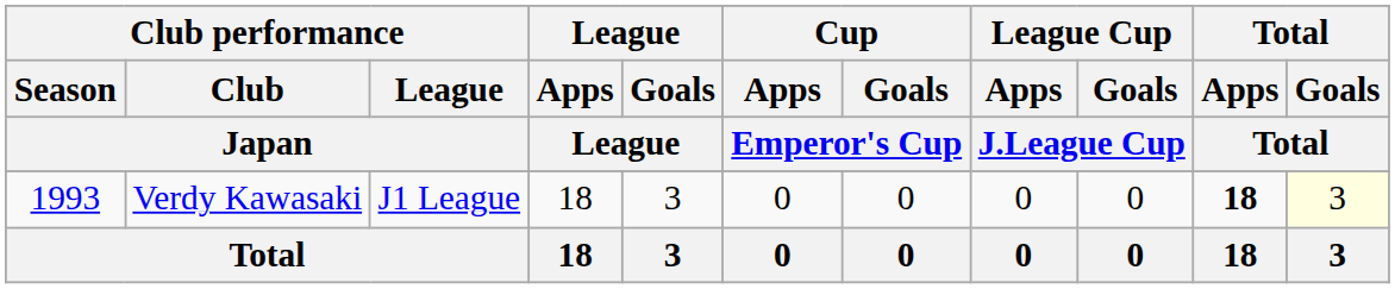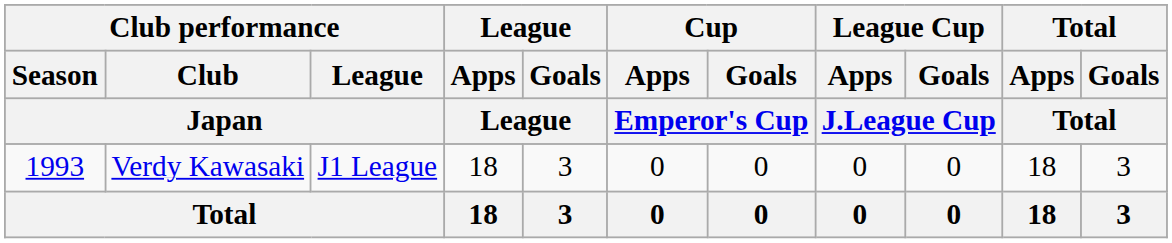 <table class="wikitable" style="text-align:center;">
 <tr>
 <th colspan=3>Club performance</th>
 <th colspan=2>League</th>
 <th colspan=2>Cup</th>
 <th colspan=2>League Cup</th>
 <th colspan=2>Total</th>
 </tr>
 <tr>
 <th>Season</th>
 <th>Club</th>
 <th>League</th>
 <th>Apps</th>
 <th>Goals</th>
 <th>Apps</th>
 <th>Goals</th>
 <th>Apps</th>
 <th>Goals</th>
 <th>Apps</th>
 <th>Goals</th>
 </tr>
 <tr>
 <th colspan=3>Japan</th>
 <th colspan=2>League</th>
 <th colspan=2><a href='#'>Emperor's Cup</a></th>
 <th colspan=2><a href='#'>J.League Cup</a></th>
 <th colspan=2>Total</th>
 </tr>
 <tr>
 <td><a href='#'>1993</a></td>
 <td><a href='#'>Verdy Kawasaki</a></td>
 <td><a href='#'>J1 League</a></td>
 <td>18</td>
 <td>3</td>
 <td>0</td>
 <td>0</td>
 <td>0</td>
 <td>0</td>
-<td><strong>18</strong></td>
-<td style="background: lightyellow;">3</td>
+<td>18</td>
+<td>3</td>
 </tr>
 <tr>
 <th colspan=3>Total</th>
 <th>18</th>
 <th>3</th>
 <th>0</th>
 <th>0</th>
 <th>0</th>
 <th>0</th>
 <th>18</th>
 <th>3</th>
 </tr>
 </table>
